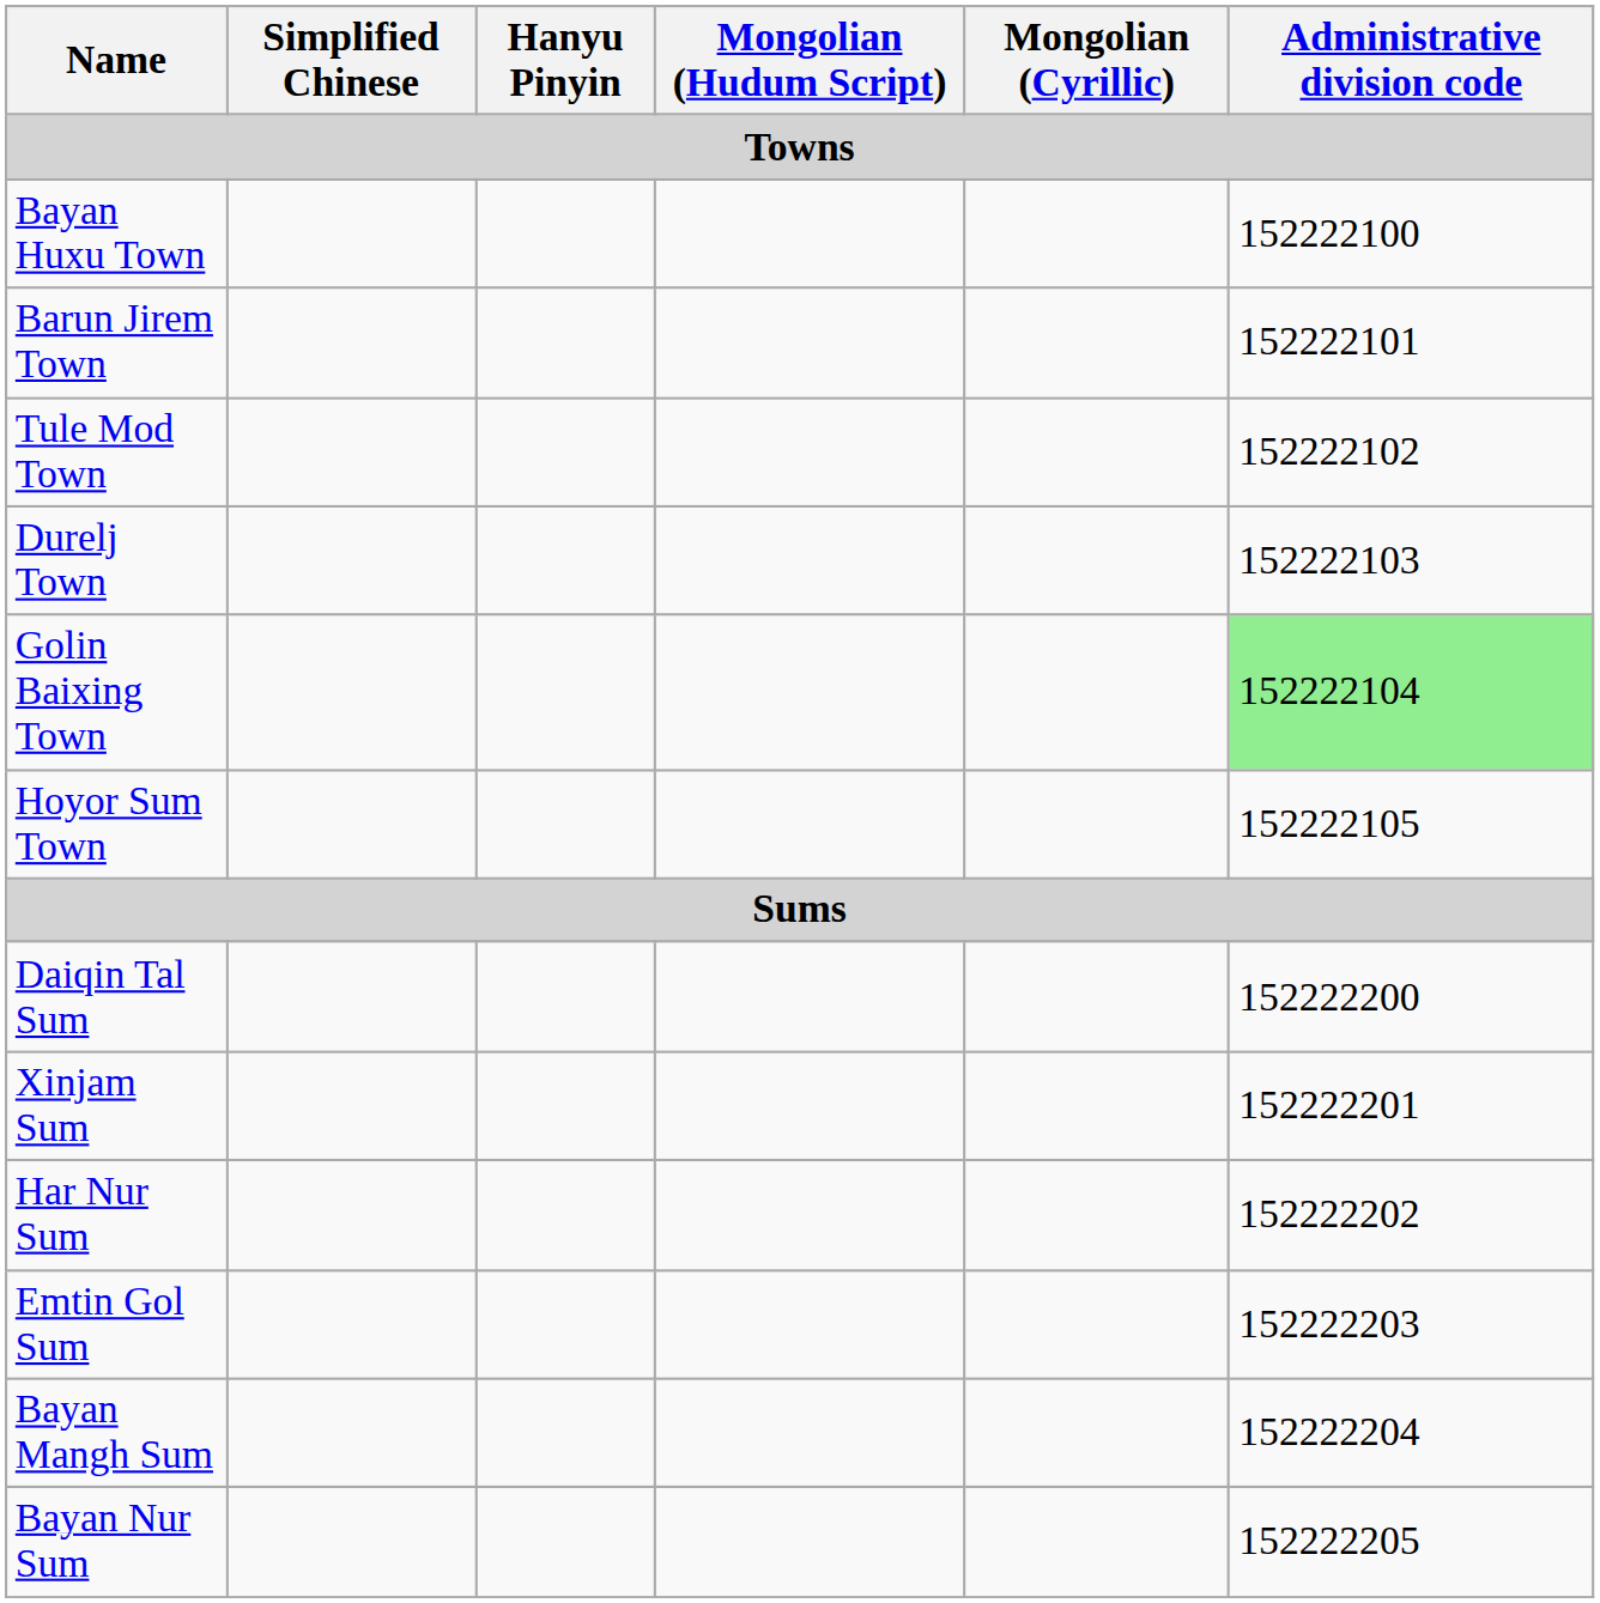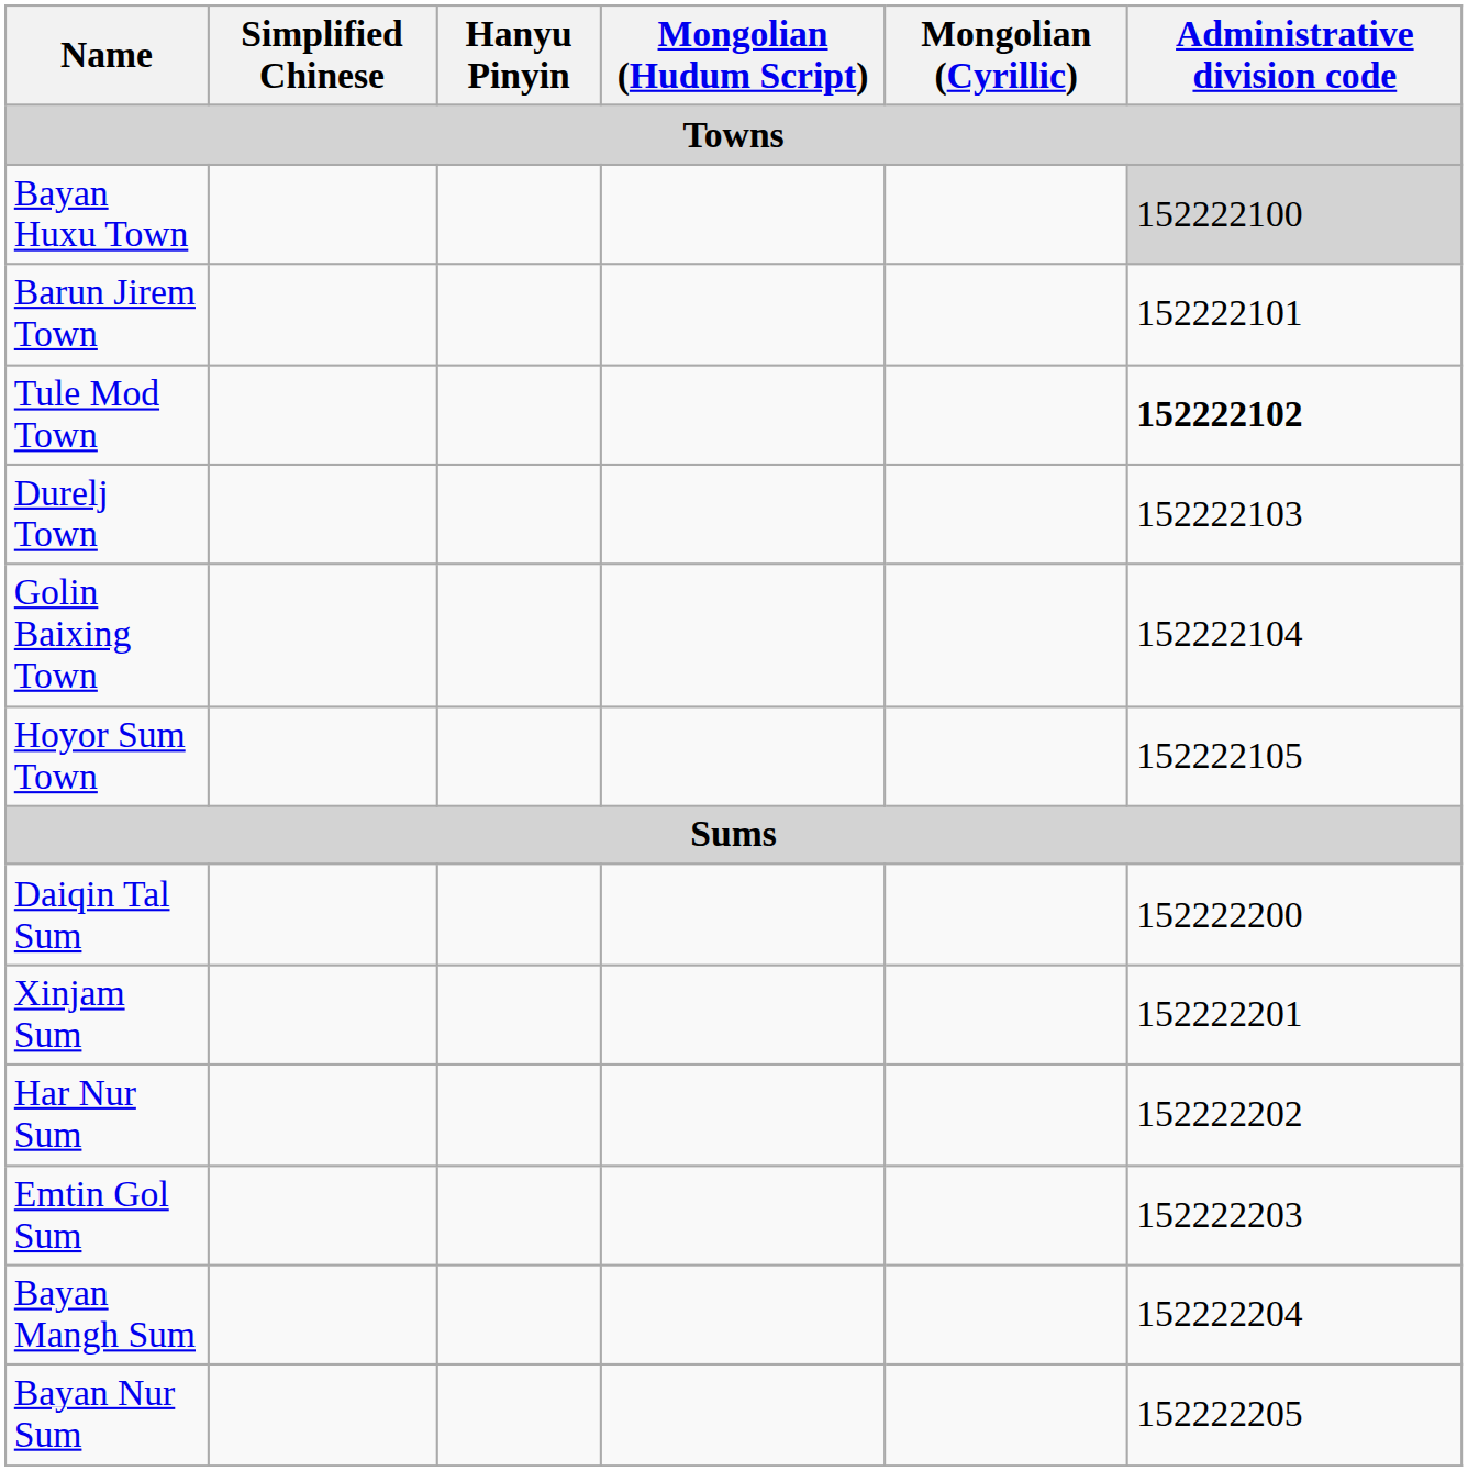 <table class="wikitable" align="center" style="width:50%; border="1">
 <tr>
 <th>Name</th>
 <th>Simplified Chinese</th>
 <th>Hanyu Pinyin</th>
 <th><a href='#'>Mongolian</a> (<a href='#'>Hudum Script</a>)</th>
 <th>Mongolian (<a href='#'>Cyrillic</a>)</th>
 <th><a href='#'>Administrative division code</a></th>
 </tr>
 <tr>
 <td colspan="6"  style="text-align:center; background:#d3d3d3;"><strong>Towns</strong></td>
 </tr>
 <tr --------->
 <td><a href='#'>Bayan Huxu Town</a></td>
 <td></td>
 <td></td>
 <td></td>
 <td></td>
-<td>152222100</td>
+<td style="background: lightgrey;">152222100</td>
 </tr>
 <tr>
 <td><a href='#'>Barun Jirem Town</a></td>
 <td></td>
 <td></td>
 <td></td>
 <td></td>
 <td>152222101</td>
 </tr>
 <tr>
 <td><a href='#'>Tule Mod Town</a></td>
 <td></td>
 <td></td>
 <td></td>
 <td></td>
-<td>152222102</td>
+<td><strong>152222102</strong></td>
 </tr>
 <tr>
 <td><a href='#'>Durelj Town</a></td>
 <td></td>
 <td></td>
 <td></td>
 <td></td>
 <td>152222103</td>
 </tr>
 <tr>
 <td><a href='#'>Golin Baixing Town</a></td>
 <td></td>
 <td></td>
 <td></td>
 <td></td>
-<td style="background: lightgreen;">152222104</td>
+<td>152222104</td>
 </tr>
 <tr>
 <td><a href='#'>Hoyor Sum Town</a></td>
 <td></td>
 <td></td>
 <td></td>
 <td></td>
 <td>152222105</td>
 </tr>
 <tr>
 <td colspan="6"  style="text-align:center; background:#d3d3d3;"><strong>Sums</strong></td>
 </tr>
 <tr --------->
 <td><a href='#'>Daiqin Tal Sum</a></td>
 <td></td>
 <td></td>
 <td></td>
 <td></td>
 <td>152222200</td>
 </tr>
 <tr>
 <td><a href='#'>Xinjam Sum</a></td>
 <td></td>
 <td></td>
 <td></td>
 <td></td>
 <td>152222201</td>
 </tr>
 <tr>
 <td><a href='#'>Har Nur Sum</a></td>
 <td></td>
 <td></td>
 <td></td>
 <td></td>
 <td>152222202</td>
 </tr>
 <tr>
 <td><a href='#'>Emtin Gol Sum</a></td>
 <td></td>
 <td></td>
 <td></td>
 <td></td>
 <td>152222203</td>
 </tr>
 <tr>
 <td><a href='#'>Bayan Mangh Sum</a></td>
 <td></td>
 <td></td>
 <td></td>
 <td></td>
 <td>152222204</td>
 </tr>
 <tr>
 <td><a href='#'>Bayan Nur Sum</a></td>
 <td></td>
 <td></td>
 <td></td>
 <td></td>
 <td>152222205</td>
 </tr>
 <tr>
 </tr>
 </table>
